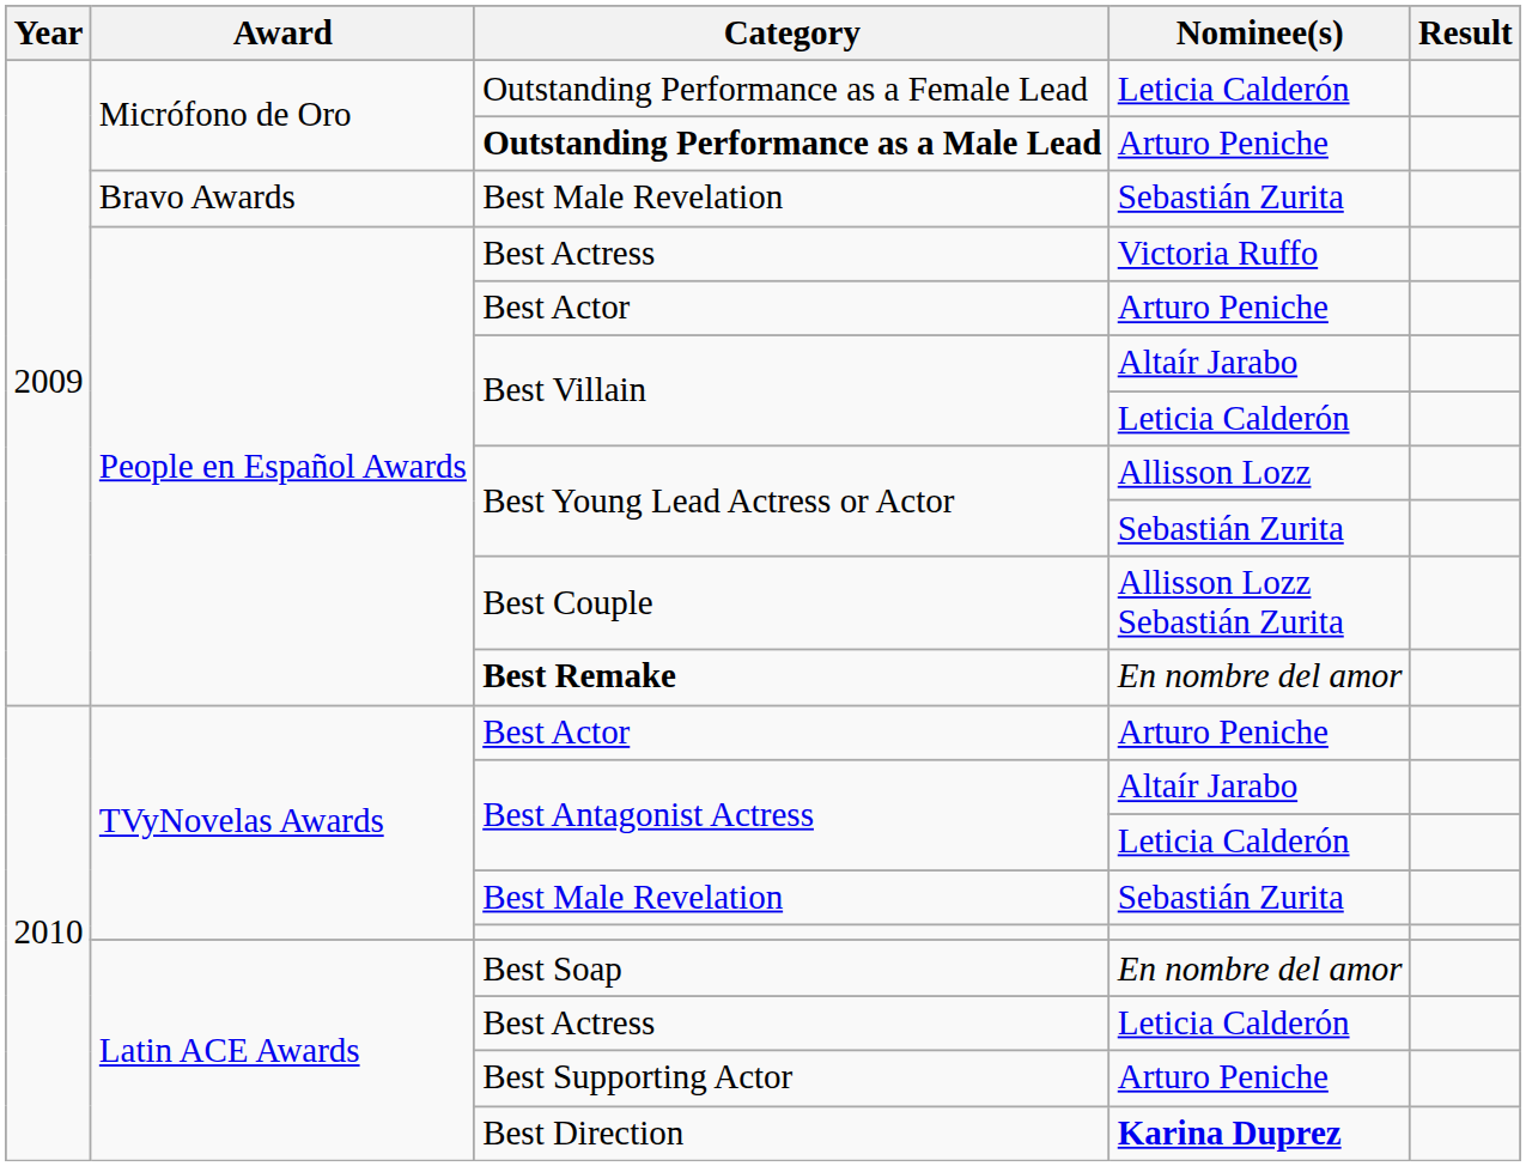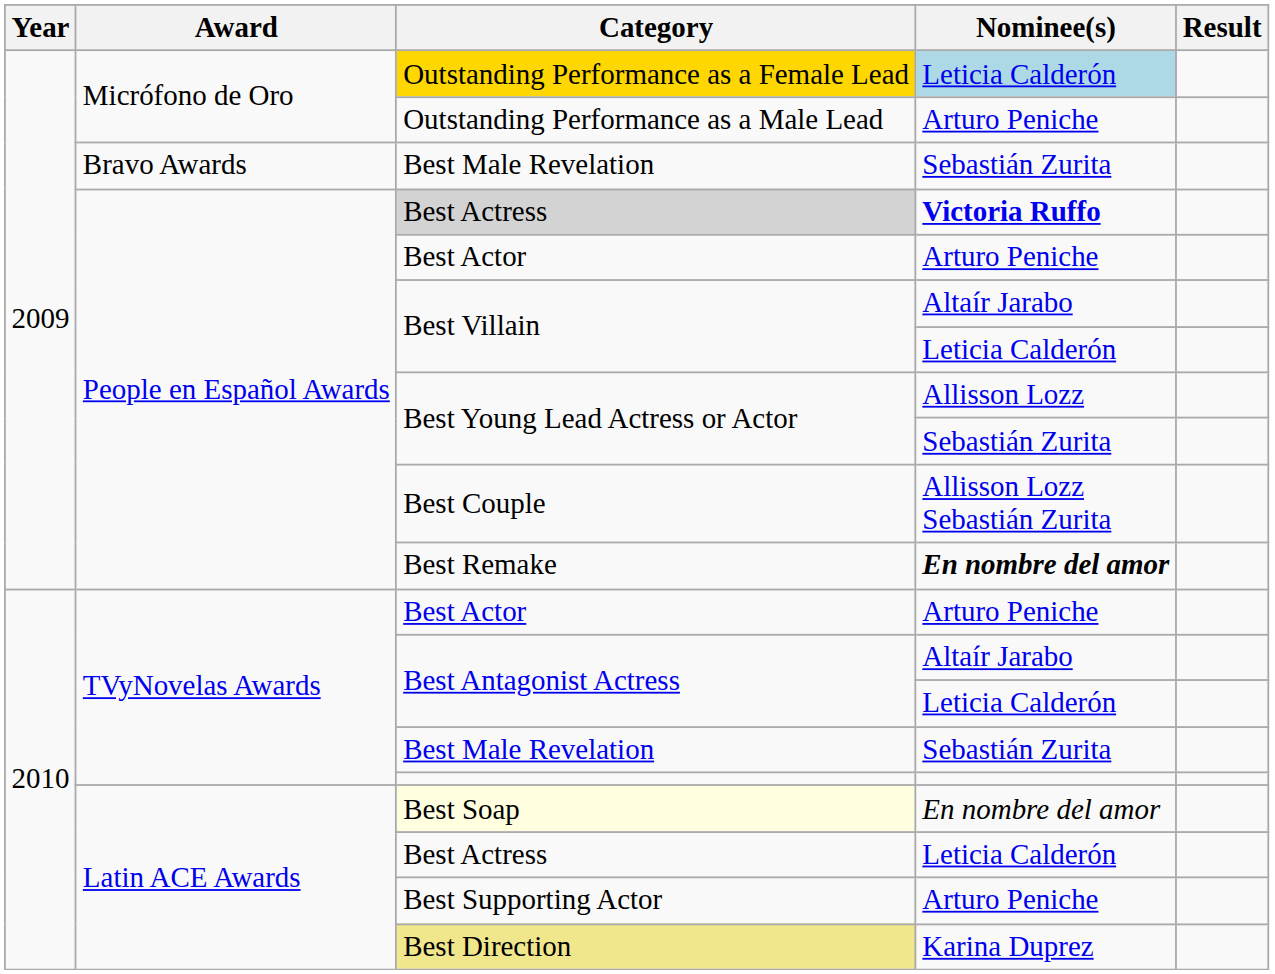 <table class="wikitable">
 <tr>
 <th style="text-align:center;">Year</th>
 <th style="text-align:center;">Award</th>
 <th style="text-align:center;">Category</th>
 <th style="text-align:center;">Nominee(s)</th>
 <th style="text-align:center;">Result</th>
 </tr>
 <tr>
 <td rowspan=11>2009</td>
 <td rowspan=2>Micrófono de Oro</td>
-<td>Outstanding Performance as a Female Lead</td>
-<td><a href='#'>Leticia Calderón</a></td>
+<td style="background: gold;">Outstanding Performance as a Female Lead</td>
+<td style="background: lightblue;"><a href='#'>Leticia Calderón</a></td>
 <td></td>
 </tr>
 <tr>
-<td><strong>Outstanding Performance as a Male Lead</strong></td>
+<td>Outstanding Performance as a Male Lead</td>
 <td><a href='#'>Arturo Peniche</a></td>
 <td></td>
 </tr>
 <tr>
 <td>Bravo Awards</td>
 <td>Best Male Revelation</td>
 <td><a href='#'>Sebastián Zurita</a></td>
 <td></td>
 </tr>
 <tr>
 <td rowspan=8><a href='#'>People en Español Awards</a></td>
-<td>Best Actress</td>
-<td><a href='#'>Victoria Ruffo</a></td>
+<td style="background: lightgrey;">Best Actress</td>
+<td><strong><a href='#'>Victoria Ruffo</a></strong></td>
 <td></td>
 </tr>
 <tr>
 <td>Best Actor</td>
 <td><a href='#'>Arturo Peniche</a></td>
 <td></td>
 </tr>
 <tr>
 <td rowspan=2>Best Villain</td>
 <td><a href='#'>Altaír Jarabo</a></td>
 <td></td>
 </tr>
 <tr>
 <td><a href='#'>Leticia Calderón</a></td>
 <td></td>
 </tr>
 <tr>
 <td rowspan=2>Best Young Lead Actress or Actor</td>
 <td><a href='#'>Allisson Lozz</a></td>
 <td></td>
 </tr>
 <tr>
 <td><a href='#'>Sebastián Zurita</a></td>
 <td></td>
 </tr>
 <tr>
 <td>Best Couple</td>
 <td><a href='#'>Allisson Lozz</a> <br> <a href='#'>Sebastián Zurita</a></td>
 <td></td>
 </tr>
 <tr>
-<td><strong>Best Remake</strong></td>
-<td><em>En nombre del amor</em></td>
+<td>Best Remake</td>
+<td><strong><em>En nombre del amor</em></strong></td>
 <td></td>
 </tr>
 <tr>
 <td rowspan=9>2010</td>
 <td rowspan=5><a href='#'>TVyNovelas Awards</a></td>
 <td><a href='#'>Best Actor</a></td>
 <td><a href='#'>Arturo Peniche</a></td>
 <td></td>
 </tr>
 <tr>
 <td rowspan=2><a href='#'>Best Antagonist Actress</a></td>
 <td><a href='#'>Altaír Jarabo</a></td>
 <td></td>
 </tr>
 <tr>
 <td><a href='#'>Leticia Calderón</a></td>
 <td></td>
 </tr>
 <tr>
 <td><a href='#'>Best Male Revelation</a></td>
 <td><a href='#'>Sebastián Zurita</a></td>
 <td></td>
 </tr>
 <tr>
 <td></td>
 <td></td>
 <td></td>
 </tr>
 <tr>
 <td rowspan=4><a href='#'>Latin ACE Awards</a></td>
-<td>Best Soap</td>
+<td style="background: lightyellow;">Best Soap</td>
 <td><em>En nombre del amor</em></td>
 <td></td>
 </tr>
 <tr>
 <td>Best Actress</td>
 <td><a href='#'>Leticia Calderón</a></td>
 <td></td>
 </tr>
 <tr>
 <td>Best Supporting Actor</td>
 <td><a href='#'>Arturo Peniche</a></td>
 <td></td>
 </tr>
 <tr>
-<td>Best Direction</td>
-<td><strong><a href='#'>Karina Duprez</a></strong></td>
+<td style="background: khaki;">Best Direction</td>
+<td><a href='#'>Karina Duprez</a></td>
 <td></td>
 </tr>
 </table>
